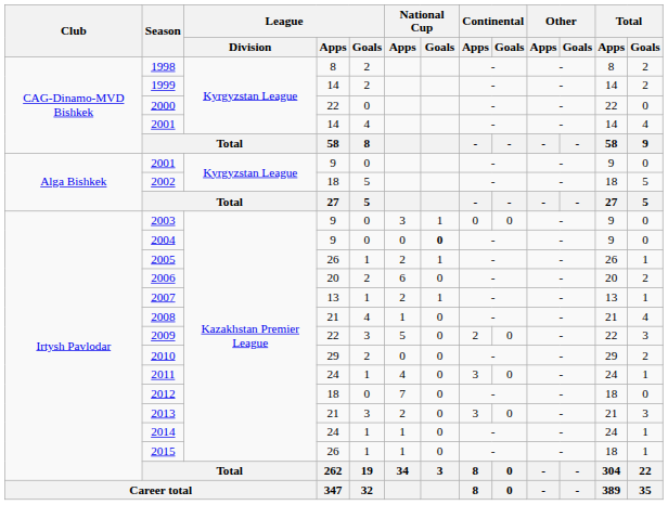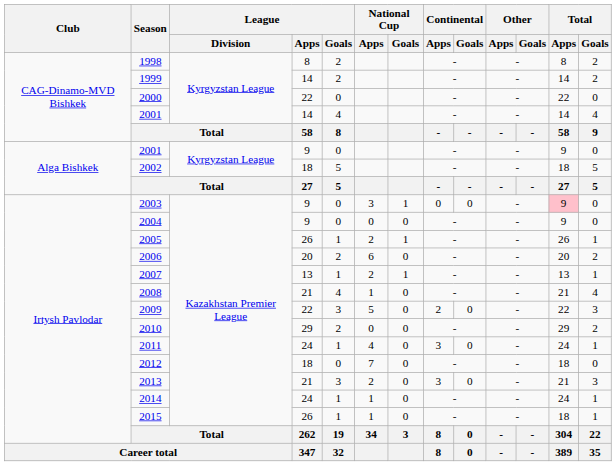 <table class="wikitable" style="text-align: center;">
 <tr>
 <th rowspan="2">Club</th>
 <th rowspan="2">Season</th>
 <th colspan="3">League</th>
 <th colspan="2">National Cup</th>
 <th colspan="2">Continental</th>
 <th colspan="2">Other</th>
 <th colspan="2">Total</th>
 </tr>
 <tr>
 <th>Division</th>
 <th>Apps</th>
 <th>Goals</th>
 <th>Apps</th>
 <th>Goals</th>
 <th>Apps</th>
 <th>Goals</th>
 <th>Apps</th>
 <th>Goals</th>
 <th>Apps</th>
 <th>Goals</th>
 </tr>
 <tr>
 <td rowspan="5" valign="center"><a href='#'>CAG-Dinamo-MVD Bishkek</a></td>
 <td><a href='#'>1998</a></td>
 <td rowspan="4" valign="center"><a href='#'>Kyrgyzstan League</a></td>
 <td>8</td>
 <td>2</td>
 <td></td>
 <td></td>
 <td colspan="2">-</td>
 <td colspan="2">-</td>
 <td>8</td>
 <td>2</td>
 </tr>
 <tr>
 <td><a href='#'>1999</a></td>
 <td>14</td>
 <td>2</td>
 <td></td>
 <td></td>
 <td colspan="2">-</td>
 <td colspan="2">-</td>
 <td>14</td>
 <td>2</td>
 </tr>
 <tr>
 <td><a href='#'>2000</a></td>
 <td>22</td>
 <td>0</td>
 <td></td>
 <td></td>
 <td colspan="2">-</td>
 <td colspan="2">-</td>
 <td>22</td>
 <td>0</td>
 </tr>
 <tr>
 <td><a href='#'>2001</a></td>
 <td>14</td>
 <td>4</td>
 <td></td>
 <td></td>
 <td colspan="2">-</td>
 <td colspan="2">-</td>
 <td>14</td>
 <td>4</td>
 </tr>
 <tr>
 <th colspan="2">Total</th>
 <th>58</th>
 <th>8</th>
 <th></th>
 <th></th>
 <th>-</th>
 <th>-</th>
 <th>-</th>
 <th>-</th>
 <th>58</th>
 <th>9</th>
 </tr>
 <tr>
 <td rowspan="3" valign="center"><a href='#'>Alga Bishkek</a></td>
 <td><a href='#'>2001</a></td>
 <td rowspan="2" valign="center"><a href='#'>Kyrgyzstan League</a></td>
 <td>9</td>
 <td>0</td>
 <td></td>
 <td></td>
 <td colspan="2">-</td>
 <td colspan="2">-</td>
 <td>9</td>
 <td>0</td>
 </tr>
 <tr>
 <td><a href='#'>2002</a></td>
 <td>18</td>
 <td>5</td>
 <td></td>
 <td></td>
 <td colspan="2">-</td>
 <td colspan="2">-</td>
 <td>18</td>
 <td>5</td>
 </tr>
 <tr>
 <th colspan="2">Total</th>
 <th>27</th>
 <th>5</th>
 <th></th>
 <th></th>
 <th>-</th>
 <th>-</th>
 <th>-</th>
 <th>-</th>
 <th>27</th>
 <th>5</th>
 </tr>
 <tr>
 <td rowspan="14" valign="center"><a href='#'>Irtysh Pavlodar</a></td>
 <td><a href='#'>2003</a></td>
 <td rowspan="13" valign="center"><a href='#'>Kazakhstan Premier League</a></td>
 <td>9</td>
 <td>0</td>
 <td>3</td>
 <td>1</td>
 <td>0</td>
 <td>0</td>
 <td colspan="2">-</td>
-<td>9</td>
+<td style="background: pink;">9</td>
 <td>0</td>
 </tr>
 <tr>
 <td><a href='#'>2004</a></td>
 <td>9</td>
 <td>0</td>
 <td>0</td>
-<td><strong>0</strong></td>
+<td>0</td>
 <td colspan="2">-</td>
 <td colspan="2">-</td>
 <td>9</td>
 <td>0</td>
 </tr>
 <tr>
 <td><a href='#'>2005</a></td>
 <td>26</td>
 <td>1</td>
 <td>2</td>
 <td>1</td>
 <td colspan="2">-</td>
 <td colspan="2">-</td>
 <td>26</td>
 <td>1</td>
 </tr>
 <tr>
 <td><a href='#'>2006</a></td>
 <td>20</td>
 <td>2</td>
 <td>6</td>
 <td>0</td>
 <td colspan="2">-</td>
 <td colspan="2">-</td>
 <td>20</td>
 <td>2</td>
 </tr>
 <tr>
 <td><a href='#'>2007</a></td>
 <td>13</td>
 <td>1</td>
 <td>2</td>
 <td>1</td>
 <td colspan="2">-</td>
 <td colspan="2">-</td>
 <td>13</td>
 <td>1</td>
 </tr>
 <tr>
 <td><a href='#'>2008</a></td>
 <td>21</td>
 <td>4</td>
 <td>1</td>
 <td>0</td>
 <td colspan="2">-</td>
 <td colspan="2">-</td>
 <td>21</td>
 <td>4</td>
 </tr>
 <tr>
 <td><a href='#'>2009</a></td>
 <td>22</td>
 <td>3</td>
 <td>5</td>
 <td>0</td>
 <td>2</td>
 <td>0</td>
 <td colspan="2">-</td>
 <td>22</td>
 <td>3</td>
 </tr>
 <tr>
 <td><a href='#'>2010</a></td>
 <td>29</td>
 <td>2</td>
 <td>0</td>
 <td>0</td>
 <td colspan="2">-</td>
 <td colspan="2">-</td>
 <td>29</td>
 <td>2</td>
 </tr>
 <tr>
 <td><a href='#'>2011</a></td>
 <td>24</td>
 <td>1</td>
 <td>4</td>
 <td>0</td>
 <td>3</td>
 <td>0</td>
 <td colspan="2">-</td>
 <td>24</td>
 <td>1</td>
 </tr>
 <tr>
 <td><a href='#'>2012</a></td>
 <td>18</td>
 <td>0</td>
 <td>7</td>
 <td>0</td>
 <td colspan="2">-</td>
 <td colspan="2">-</td>
 <td>18</td>
 <td>0</td>
 </tr>
 <tr>
 <td><a href='#'>2013</a></td>
 <td>21</td>
 <td>3</td>
 <td>2</td>
 <td>0</td>
 <td>3</td>
 <td>0</td>
 <td colspan="2">-</td>
 <td>21</td>
 <td>3</td>
 </tr>
 <tr>
 <td><a href='#'>2014</a></td>
 <td>24</td>
 <td>1</td>
 <td>1</td>
 <td>0</td>
 <td colspan="2">-</td>
 <td colspan="2">-</td>
 <td>24</td>
 <td>1</td>
 </tr>
 <tr>
 <td><a href='#'>2015</a></td>
 <td>26</td>
 <td>1</td>
 <td>1</td>
 <td>0</td>
 <td colspan="2">-</td>
 <td colspan="2">-</td>
 <td>18</td>
 <td>1</td>
 </tr>
 <tr>
 <th colspan="2">Total</th>
 <th>262</th>
 <th>19</th>
 <th>34</th>
 <th>3</th>
 <th>8</th>
 <th>0</th>
 <th>-</th>
 <th>-</th>
 <th>304</th>
 <th>22</th>
 </tr>
 <tr>
 <th colspan="3">Career total</th>
 <th>347</th>
 <th>32</th>
 <th></th>
 <th></th>
 <th>8</th>
 <th>0</th>
 <th>-</th>
 <th>-</th>
 <th>389</th>
 <th>35</th>
 </tr>
 </table>
